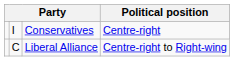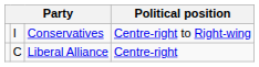 <table class="wikitable">
 <tr>
 <th colspan="3">Party</th>
 <th>Political position</th>
 </tr>
 <tr>
 <td></td>
 <td>I</td>
 <td><a href='#'>Conservatives</a></td>
-<td><a href='#'>Centre-right</a></td>
+<td><a href='#'>Centre-right</a> to <a href='#'>Right-wing</a></td>
 </tr>
 <tr>
 <td></td>
 <td>C</td>
 <td><a href='#'>Liberal Alliance</a></td>
-<td><a href='#'>Centre-right</a> to <a href='#'>Right-wing</a></td>
+<td><a href='#'>Centre-right</a></td>
 </tr>
 </table>
